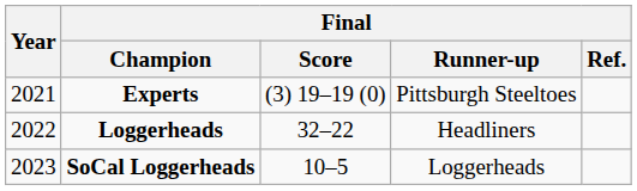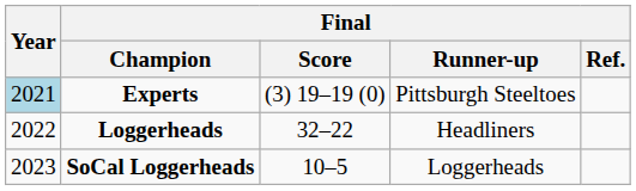 <table class="wikitable">
 <tr>
 <th rowspan="2">Year</th>
 <th colspan="4">Final</th>
 </tr>
 <tr>
 <th>Champion</th>
 <th>Score</th>
 <th>Runner-up</th>
 <th>Ref.</th>
 </tr>
 <tr>
-<td align="center">2021</td>
+<td align="center" style="background: lightblue;">2021</td>
 <td align="center"><strong>Experts</strong></td>
 <td align="center">(3) 19–19 (0)</td>
 <td align="center">Pittsburgh Steeltoes</td>
 <td align="center"></td>
 </tr>
 <tr>
 <td align="center">2022</td>
 <td align="center"><strong>Loggerheads</strong></td>
 <td align="center">32–22</td>
 <td align="center">Headliners</td>
 <td align="center"></td>
 </tr>
 <tr>
 <td align="center">2023</td>
 <td align="center"><strong>SoCal Loggerheads</strong></td>
 <td align="center">10–5</td>
 <td align="center">Loggerheads</td>
 <td align="center"></td>
 </tr>
 </table>
